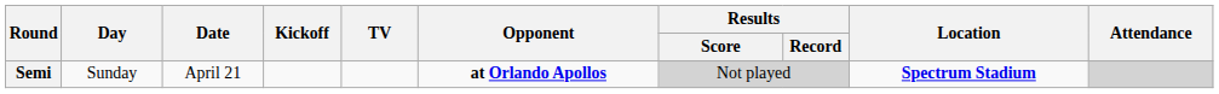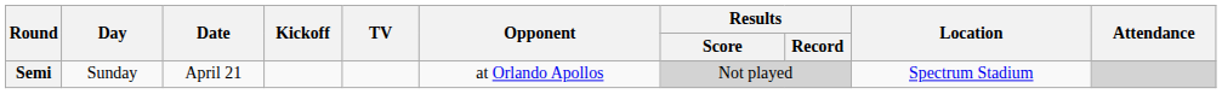 <table class="wikitable" style="text-align:center; font-size:90%">
 <tr>
 <th rowspan="2" width="40">Round</th>
 <th rowspan="2" width="80">Day</th>
 <th rowspan="2" width="80">Date</th>
 <th rowspan="2" width="60">Kickoff</th>
 <th rowspan="2" width="60">TV</th>
 <th rowspan="2" width="200">Opponent</th>
 <th colspan="2" width="150">Results</th>
 <th rowspan="2" width="200">Location</th>
 <th rowspan="2" width="100">Attendance</th>
 </tr>
 <tr>
 <th width="100">Score</th>
 <th width="50">Record</th>
 </tr>
 <tr bgcolor=>
 <th>Semi</th>
 <td>Sunday</td>
 <td>April 21</td>
 <td></td>
 <td></td>
-<td><strong>at <a href='#'>Orlando Apollos</a></strong></td>
+<td>at <a href='#'>Orlando Apollos</a></td>
 <td colspan=2 bgcolor=lightgrey>Not played</td>
-<td><strong><a href='#'>Spectrum Stadium</a></strong></td>
+<td><a href='#'>Spectrum Stadium</a></td>
 <td bgcolor=lightgrey> </td>
 </tr>
 </table>
